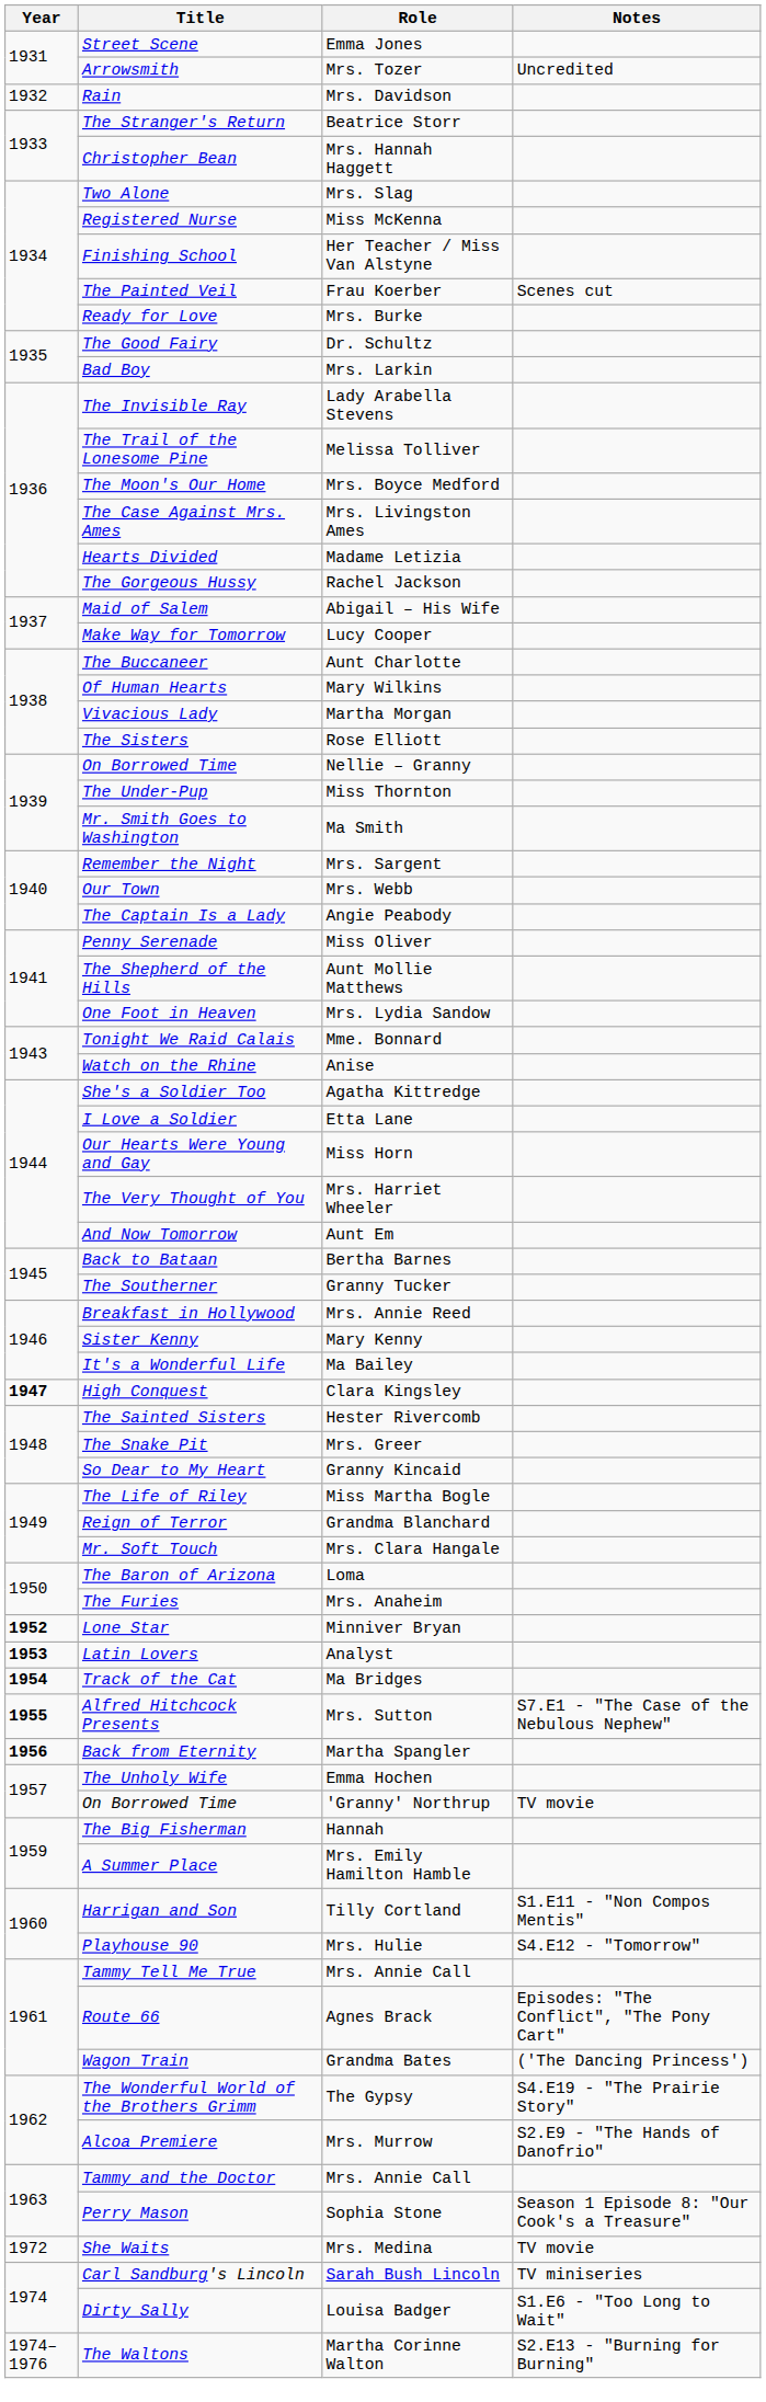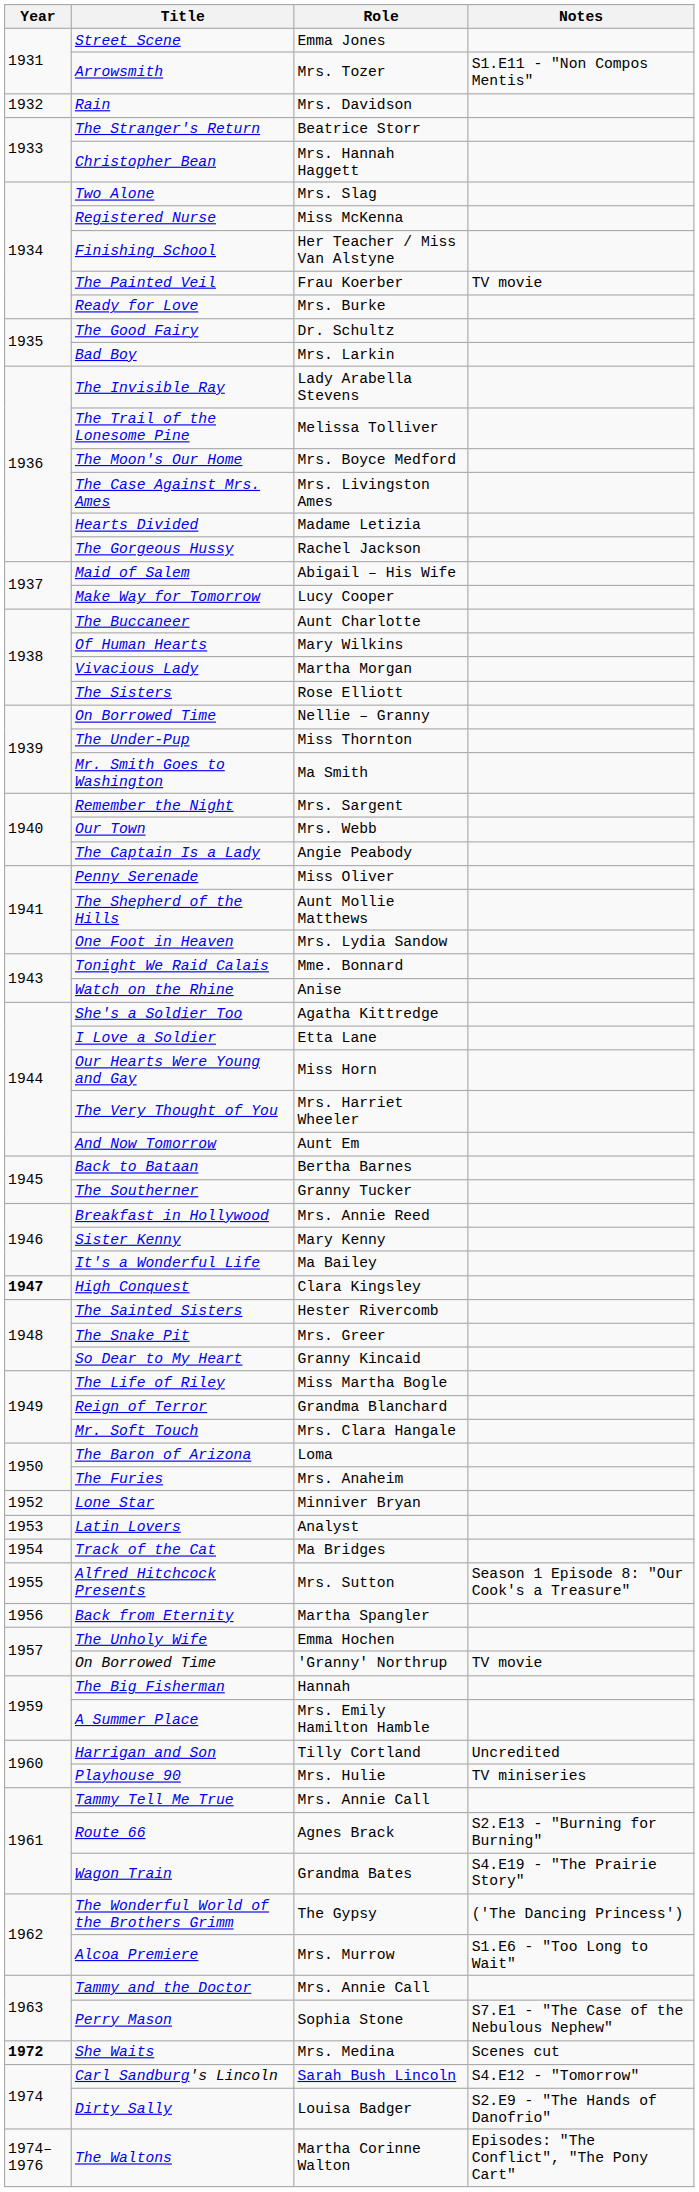 <table class="wikitable sortable">
 <tr>
 <th>Year</th>
 <th>Title</th>
 <th>Role</th>
 <th class = "unsortable">Notes</th>
 </tr>
 <tr>
 <td rowspan=2>1931</td>
 <td><em><a href='#'>Street Scene</a></em></td>
 <td>Emma Jones</td>
 <td></td>
 </tr>
 <tr>
 <td><em><a href='#'>Arrowsmith</a></em></td>
 <td>Mrs. Tozer</td>
-<td>Uncredited</td>
+<td>S1.E11 - "Non Compos Mentis"</td>
 </tr>
 <tr>
 <td>1932</td>
 <td><em><a href='#'>Rain</a></em></td>
 <td>Mrs. Davidson</td>
 <td></td>
 </tr>
 <tr>
 <td rowspan=2>1933</td>
 <td><em><a href='#'>The Stranger's Return</a></em></td>
 <td>Beatrice Storr</td>
 <td></td>
 </tr>
 <tr>
 <td><em><a href='#'>Christopher Bean</a></em></td>
 <td>Mrs. Hannah Haggett</td>
 <td></td>
 </tr>
 <tr>
 <td rowspan=5>1934</td>
 <td><em><a href='#'>Two Alone</a></em></td>
 <td>Mrs. Slag</td>
 <td></td>
 </tr>
 <tr>
 <td><em><a href='#'>Registered Nurse</a></em></td>
 <td>Miss McKenna</td>
 <td></td>
 </tr>
 <tr>
 <td><em><a href='#'>Finishing School</a></em></td>
 <td>Her Teacher / Miss Van Alstyne</td>
 <td></td>
 </tr>
 <tr>
 <td><em><a href='#'>The Painted Veil</a></em></td>
 <td>Frau Koerber</td>
-<td>Scenes cut</td>
+<td>TV movie</td>
 </tr>
 <tr>
 <td><em><a href='#'>Ready for Love</a></em></td>
 <td>Mrs. Burke</td>
 <td></td>
 </tr>
 <tr>
 <td rowspan=2>1935</td>
 <td><em><a href='#'>The Good Fairy</a></em></td>
 <td>Dr. Schultz</td>
 <td></td>
 </tr>
 <tr>
 <td><em><a href='#'>Bad Boy</a></em></td>
 <td>Mrs. Larkin</td>
 <td></td>
 </tr>
 <tr>
 <td rowspan=6>1936</td>
 <td><em><a href='#'>The Invisible Ray</a></em></td>
 <td>Lady Arabella Stevens</td>
 <td></td>
 </tr>
 <tr>
 <td><em><a href='#'>The Trail of the Lonesome Pine</a></em></td>
 <td>Melissa Tolliver</td>
 <td></td>
 </tr>
 <tr>
 <td><em><a href='#'>The Moon's Our Home</a></em></td>
 <td>Mrs. Boyce Medford</td>
 <td></td>
 </tr>
 <tr>
 <td><em><a href='#'>The Case Against Mrs. Ames</a></em></td>
 <td>Mrs. Livingston Ames</td>
 <td></td>
 </tr>
 <tr>
 <td><em><a href='#'>Hearts Divided</a></em></td>
 <td>Madame Letizia</td>
 <td></td>
 </tr>
 <tr>
 <td><em><a href='#'>The Gorgeous Hussy</a></em></td>
 <td>Rachel Jackson</td>
 <td></td>
 </tr>
 <tr>
 <td rowspan=2>1937</td>
 <td><em><a href='#'>Maid of Salem</a></em></td>
 <td>Abigail – His Wife</td>
 <td></td>
 </tr>
 <tr>
 <td><em><a href='#'>Make Way for Tomorrow</a></em></td>
 <td>Lucy Cooper</td>
 <td></td>
 </tr>
 <tr>
 <td rowspan=4>1938</td>
 <td><em><a href='#'>The Buccaneer</a></em></td>
 <td>Aunt Charlotte</td>
 <td></td>
 </tr>
 <tr>
 <td><em><a href='#'>Of Human Hearts</a></em></td>
 <td>Mary Wilkins</td>
 <td></td>
 </tr>
 <tr>
 <td><em><a href='#'>Vivacious Lady</a></em></td>
 <td>Martha Morgan</td>
 <td></td>
 </tr>
 <tr>
 <td><em><a href='#'>The Sisters</a></em></td>
 <td>Rose Elliott</td>
 <td></td>
 </tr>
 <tr>
 <td rowspan=3>1939</td>
 <td><em><a href='#'>On Borrowed Time</a></em></td>
 <td>Nellie – Granny</td>
 <td></td>
 </tr>
 <tr>
 <td><em><a href='#'>The Under-Pup</a></em></td>
 <td>Miss Thornton</td>
 <td></td>
 </tr>
 <tr>
 <td><em><a href='#'>Mr. Smith Goes to Washington</a></em></td>
 <td>Ma Smith</td>
 <td></td>
 </tr>
 <tr>
 <td rowspan=3>1940</td>
 <td><em><a href='#'>Remember the Night</a></em></td>
 <td>Mrs. Sargent</td>
 <td></td>
 </tr>
 <tr>
 <td><em><a href='#'>Our Town</a></em></td>
 <td>Mrs. Webb</td>
 <td></td>
 </tr>
 <tr>
 <td><em><a href='#'>The Captain Is a Lady</a></em></td>
 <td>Angie Peabody</td>
 <td></td>
 </tr>
 <tr>
 <td rowspan=3>1941</td>
 <td><em><a href='#'>Penny Serenade</a></em></td>
 <td>Miss Oliver</td>
 <td></td>
 </tr>
 <tr>
 <td><em><a href='#'>The Shepherd of the Hills</a></em></td>
 <td>Aunt Mollie Matthews</td>
 <td></td>
 </tr>
 <tr>
 <td><em><a href='#'>One Foot in Heaven</a></em></td>
 <td>Mrs. Lydia Sandow</td>
 <td></td>
 </tr>
 <tr>
 <td rowspan=2>1943</td>
 <td><em><a href='#'>Tonight We Raid Calais</a></em></td>
 <td>Mme. Bonnard</td>
 <td></td>
 </tr>
 <tr>
 <td><em><a href='#'>Watch on the Rhine</a></em></td>
 <td>Anise</td>
 <td></td>
 </tr>
 <tr>
 <td rowspan=5>1944</td>
 <td><em><a href='#'>She's a Soldier Too</a></em></td>
 <td>Agatha Kittredge</td>
 <td></td>
 </tr>
 <tr>
 <td><em><a href='#'>I Love a Soldier</a></em></td>
 <td>Etta Lane</td>
 <td></td>
 </tr>
 <tr>
 <td><em><a href='#'>Our Hearts Were Young and Gay</a></em></td>
 <td>Miss Horn</td>
 <td></td>
 </tr>
 <tr>
 <td><em><a href='#'>The Very Thought of You</a></em></td>
 <td>Mrs. Harriet Wheeler</td>
 <td></td>
 </tr>
 <tr>
 <td><em><a href='#'>And Now Tomorrow</a></em></td>
 <td>Aunt Em</td>
 <td></td>
 </tr>
 <tr>
 <td rowspan=2>1945</td>
 <td><em><a href='#'>Back to Bataan</a></em></td>
 <td>Bertha Barnes</td>
 <td></td>
 </tr>
 <tr>
 <td><em><a href='#'>The Southerner</a></em></td>
 <td>Granny Tucker</td>
 <td></td>
 </tr>
 <tr>
 <td rowspan=3>1946</td>
 <td><em><a href='#'>Breakfast in Hollywood</a></em></td>
 <td>Mrs. Annie Reed</td>
 <td></td>
 </tr>
 <tr>
 <td><em><a href='#'>Sister Kenny</a></em></td>
 <td>Mary Kenny</td>
 <td></td>
 </tr>
 <tr>
 <td><em><a href='#'>It's a Wonderful Life</a></em></td>
 <td>Ma Bailey</td>
 <td></td>
 </tr>
 <tr>
 <td><strong>1947</strong></td>
 <td><em><a href='#'>High Conquest</a></em></td>
 <td>Clara Kingsley</td>
 <td></td>
 </tr>
 <tr>
 <td rowspan=3>1948</td>
 <td><em><a href='#'>The Sainted Sisters</a></em></td>
 <td>Hester Rivercomb</td>
 <td></td>
 </tr>
 <tr>
 <td><em><a href='#'>The Snake Pit</a></em></td>
 <td>Mrs. Greer</td>
 <td></td>
 </tr>
 <tr>
 <td><em><a href='#'>So Dear to My Heart</a></em></td>
 <td>Granny Kincaid</td>
 <td></td>
 </tr>
 <tr>
 <td rowspan=3>1949</td>
 <td><em><a href='#'>The Life of Riley</a></em></td>
 <td>Miss Martha Bogle</td>
 <td></td>
 </tr>
 <tr>
 <td><em><a href='#'>Reign of Terror</a></em></td>
 <td>Grandma Blanchard</td>
 <td></td>
 </tr>
 <tr>
 <td><em><a href='#'>Mr. Soft Touch</a></em></td>
 <td>Mrs. Clara Hangale</td>
 <td></td>
 </tr>
 <tr>
 <td rowspan=2>1950</td>
 <td><em><a href='#'>The Baron of Arizona</a></em></td>
 <td>Loma</td>
 <td></td>
 </tr>
 <tr>
 <td><em><a href='#'>The Furies</a></em></td>
 <td>Mrs. Anaheim</td>
 <td></td>
 </tr>
 <tr>
-<td><strong>1952</strong></td>
+<td>1952</td>
 <td><em><a href='#'>Lone Star</a></em></td>
 <td>Minniver Bryan</td>
 <td></td>
 </tr>
 <tr>
-<td><strong>1953</strong></td>
+<td>1953</td>
 <td><em><a href='#'>Latin Lovers</a></em></td>
 <td>Analyst</td>
 <td></td>
 </tr>
 <tr>
-<td><strong>1954</strong></td>
+<td>1954</td>
 <td><em><a href='#'>Track of the Cat</a></em></td>
 <td>Ma Bridges</td>
 <td></td>
 </tr>
 <tr>
-<td><strong>1955</strong></td>
+<td>1955</td>
 <td><em><a href='#'>Alfred Hitchcock Presents</a></em></td>
 <td>Mrs. Sutton</td>
-<td>S7.E1 - "The Case of the Nebulous Nephew"</td>
+<td>Season 1 Episode 8: "Our Cook's a Treasure"</td>
 </tr>
 <tr>
-<td><strong>1956</strong></td>
+<td>1956</td>
 <td><em><a href='#'>Back from Eternity</a></em></td>
 <td>Martha Spangler</td>
 <td></td>
 </tr>
 <tr>
 <td rowspan=2>1957</td>
 <td><em><a href='#'>The Unholy Wife</a></em></td>
 <td>Emma Hochen</td>
 <td></td>
 </tr>
 <tr>
 <td><em>On Borrowed Time</em></td>
 <td>'Granny' Northrup</td>
 <td>TV movie</td>
 </tr>
 <tr>
 <td rowspan=2>1959</td>
 <td><em><a href='#'>The Big Fisherman</a></em></td>
 <td>Hannah</td>
 <td></td>
 </tr>
 <tr>
 <td><em><a href='#'>A Summer Place</a></em></td>
 <td>Mrs. Emily Hamilton Hamble</td>
 <td></td>
 </tr>
 <tr>
 <td rowspan=2>1960</td>
 <td><em><a href='#'>Harrigan and Son</a></em></td>
 <td>Tilly Cortland</td>
-<td>S1.E11 - "Non Compos Mentis"</td>
+<td>Uncredited</td>
 </tr>
 <tr>
 <td><em><a href='#'>Playhouse 90</a></em></td>
 <td>Mrs. Hulie</td>
-<td>S4.E12 - "Tomorrow"</td>
+<td>TV miniseries</td>
 </tr>
 <tr>
 <td rowspan=3>1961</td>
 <td><em><a href='#'>Tammy Tell Me True</a></em></td>
 <td>Mrs. Annie Call</td>
 </tr>
 <tr>
 <td><em><a href='#'>Route 66</a></em></td>
 <td>Agnes Brack</td>
-<td>Episodes: "The Conflict", "The Pony Cart"</td>
+<td>S2.E13 - "Burning for Burning"</td>
 </tr>
 <tr>
 <td><em><a href='#'>Wagon Train</a></em></td>
 <td>Grandma Bates</td>
-<td>('The Dancing Princess')</td>
+<td>S4.E19 - "The Prairie Story"</td>
 </tr>
 <tr>
 <td rowspan=2>1962</td>
 <td><em><a href='#'>The Wonderful World of the Brothers Grimm</a></em></td>
 <td>The Gypsy</td>
-<td>S4.E19 - "The Prairie Story"</td>
+<td>('The Dancing Princess')</td>
 </tr>
 <tr>
 <td><em><a href='#'>Alcoa Premiere</a></em></td>
 <td>Mrs. Murrow</td>
-<td>S2.E9 - "The Hands of Danofrio"</td>
+<td>S1.E6 - "Too Long to Wait"</td>
 </tr>
 <tr>
 <td rowspan=2>1963</td>
 <td><em><a href='#'>Tammy and the Doctor</a></em></td>
 <td>Mrs. Annie Call</td>
 </tr>
 <tr>
 <td><em><a href='#'>Perry Mason</a></em></td>
 <td>Sophia Stone</td>
-<td>Season 1 Episode 8: "Our Cook's a Treasure"</td>
+<td>S7.E1 - "The Case of the Nebulous Nephew"</td>
 </tr>
 <tr>
-<td>1972</td>
+<td><strong>1972</strong></td>
 <td><em><a href='#'>She Waits</a></em></td>
 <td>Mrs. Medina</td>
-<td>TV movie</td>
+<td>Scenes cut</td>
 </tr>
 <tr>
 <td rowspan=2>1974</td>
 <td><em><a href='#'>Carl Sandburg</a>'s Lincoln</em></td>
 <td><a href='#'>Sarah Bush Lincoln</a></td>
-<td>TV miniseries</td>
+<td>S4.E12 - "Tomorrow"</td>
 </tr>
 <tr>
 <td><em><a href='#'>Dirty Sally</a></em></td>
 <td>Louisa Badger</td>
-<td>S1.E6 - "Too Long to Wait"</td>
+<td>S2.E9 - "The Hands of Danofrio"</td>
 </tr>
 <tr>
 <td>1974–1976</td>
 <td><em><a href='#'>The Waltons</a></em></td>
 <td>Martha Corinne Walton</td>
-<td>S2.E13 - "Burning for Burning"</td>
+<td>Episodes: "The Conflict", "The Pony Cart"</td>
 </tr>
 </table>
